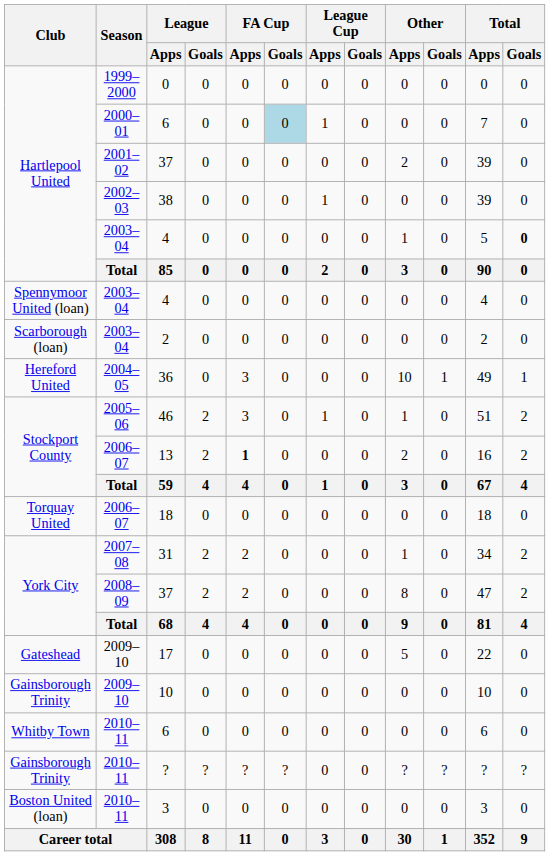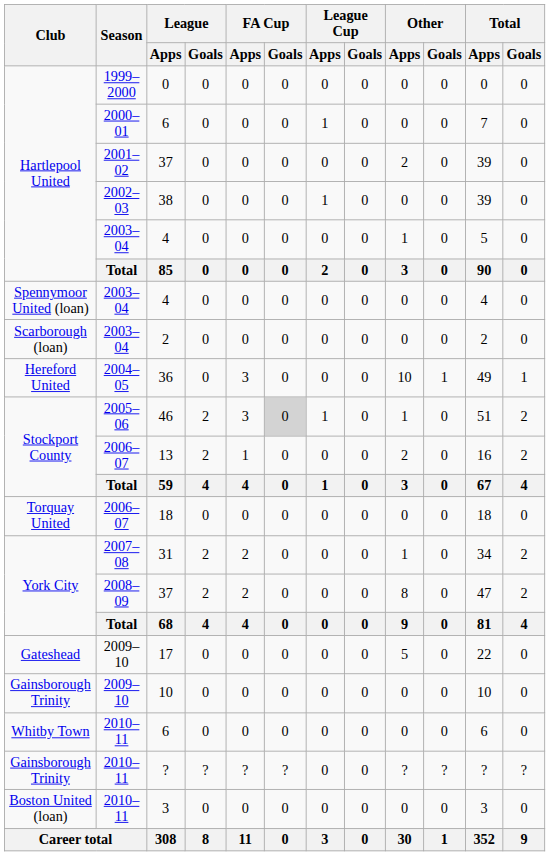 <table class="wikitable" style="text-align: center;">
 <tr>
 <th rowspan="2">Club</th>
 <th rowspan="2">Season</th>
 <th colspan="2">League</th>
 <th colspan="2">FA Cup</th>
 <th colspan="2">League Cup</th>
 <th colspan="2">Other</th>
 <th colspan="2">Total</th>
 </tr>
 <tr>
 <th>Apps</th>
 <th>Goals</th>
 <th>Apps</th>
 <th>Goals</th>
 <th>Apps</th>
 <th>Goals</th>
 <th>Apps</th>
 <th>Goals</th>
 <th>Apps</th>
 <th>Goals</th>
 </tr>
 <tr>
 <td rowspan="6" valign="center"><a href='#'>Hartlepool United</a></td>
 <td><a href='#'>1999–2000</a></td>
 <td>0</td>
 <td>0</td>
 <td>0</td>
 <td>0</td>
 <td>0</td>
 <td>0</td>
 <td>0</td>
 <td>0</td>
 <td>0</td>
 <td>0</td>
 </tr>
 <tr>
 <td><a href='#'>2000–01</a></td>
 <td>6</td>
 <td>0</td>
 <td>0</td>
-<td style="background: lightblue;">0</td>
+<td>0</td>
 <td>1</td>
 <td>0</td>
 <td>0</td>
 <td>0</td>
 <td>7</td>
 <td>0</td>
 </tr>
 <tr>
 <td><a href='#'>2001–02</a></td>
 <td>37</td>
 <td>0</td>
 <td>0</td>
 <td>0</td>
 <td>0</td>
 <td>0</td>
 <td>2</td>
 <td>0</td>
 <td>39</td>
 <td>0</td>
 </tr>
 <tr>
 <td><a href='#'>2002–03</a></td>
 <td>38</td>
 <td>0</td>
 <td>0</td>
 <td>0</td>
 <td>1</td>
 <td>0</td>
 <td>0</td>
 <td>0</td>
 <td>39</td>
 <td>0</td>
 </tr>
 <tr>
 <td><a href='#'>2003–04</a></td>
 <td>4</td>
 <td>0</td>
 <td>0</td>
 <td>0</td>
 <td>0</td>
 <td>0</td>
 <td>1</td>
 <td>0</td>
 <td>5</td>
-<td><strong>0</strong></td>
+<td>0</td>
 </tr>
 <tr>
 <th>Total</th>
 <th>85</th>
 <th>0</th>
 <th>0</th>
 <th>0</th>
 <th>2</th>
 <th>0</th>
 <th>3</th>
 <th>0</th>
 <th>90</th>
 <th>0</th>
 </tr>
 <tr>
 <td rowspan="1" valign="center"><a href='#'>Spennymoor United</a> (loan)</td>
 <td><a href='#'>2003–04</a></td>
 <td>4</td>
 <td>0</td>
 <td>0</td>
 <td>0</td>
 <td>0</td>
 <td>0</td>
 <td>0</td>
 <td>0</td>
 <td>4</td>
 <td>0</td>
 </tr>
 <tr>
 <td rowspan="1" valign="center"><a href='#'>Scarborough</a> (loan)</td>
 <td><a href='#'>2003–04</a></td>
 <td>2</td>
 <td>0</td>
 <td>0</td>
 <td>0</td>
 <td>0</td>
 <td>0</td>
 <td>0</td>
 <td>0</td>
 <td>2</td>
 <td>0</td>
 </tr>
 <tr>
 <td rowspan="1" valign="center"><a href='#'>Hereford United</a></td>
 <td><a href='#'>2004–05</a></td>
 <td>36</td>
 <td>0</td>
 <td>3</td>
 <td>0</td>
 <td>0</td>
 <td>0</td>
 <td>10</td>
 <td>1</td>
 <td>49</td>
 <td>1</td>
 </tr>
 <tr>
 <td rowspan="3" valign="center"><a href='#'>Stockport County</a></td>
 <td><a href='#'>2005–06</a></td>
 <td>46</td>
 <td>2</td>
 <td>3</td>
-<td>0</td>
+<td style="background: lightgrey;">0</td>
 <td>1</td>
 <td>0</td>
 <td>1</td>
 <td>0</td>
 <td>51</td>
 <td>2</td>
 </tr>
 <tr>
 <td><a href='#'>2006–07</a></td>
 <td>13</td>
 <td>2</td>
-<td><strong>1</strong></td>
+<td>1</td>
 <td>0</td>
 <td>0</td>
 <td>0</td>
 <td>2</td>
 <td>0</td>
 <td>16</td>
 <td>2</td>
 </tr>
 <tr>
 <th>Total</th>
 <th>59</th>
 <th>4</th>
 <th>4</th>
 <th>0</th>
 <th>1</th>
 <th>0</th>
 <th>3</th>
 <th>0</th>
 <th>67</th>
 <th>4</th>
 </tr>
 <tr>
 <td rowspan="1" valign="center"><a href='#'>Torquay United</a></td>
 <td><a href='#'>2006–07</a></td>
 <td>18</td>
 <td>0</td>
 <td>0</td>
 <td>0</td>
 <td>0</td>
 <td>0</td>
 <td>0</td>
 <td>0</td>
 <td>18</td>
 <td>0</td>
 </tr>
 <tr>
 <td rowspan="3" valign="center"><a href='#'>York City</a></td>
 <td><a href='#'>2007–08</a></td>
 <td>31</td>
 <td>2</td>
 <td>2</td>
 <td>0</td>
 <td>0</td>
 <td>0</td>
 <td>1</td>
 <td>0</td>
 <td>34</td>
 <td>2</td>
 </tr>
 <tr>
 <td><a href='#'>2008–09</a></td>
 <td>37</td>
 <td>2</td>
 <td>2</td>
 <td>0</td>
 <td>0</td>
 <td>0</td>
 <td>8</td>
 <td>0</td>
 <td>47</td>
 <td>2</td>
 </tr>
 <tr>
 <th>Total</th>
 <th>68</th>
 <th>4</th>
 <th>4</th>
 <th>0</th>
 <th>0</th>
 <th>0</th>
 <th>9</th>
 <th>0</th>
 <th>81</th>
 <th>4</th>
 </tr>
 <tr>
 <td rowspan="1" valign="center"><a href='#'>Gateshead</a></td>
 <td>2009–10</td>
 <td>17</td>
 <td>0</td>
 <td>0</td>
 <td>0</td>
 <td>0</td>
 <td>0</td>
 <td>5</td>
 <td>0</td>
 <td>22</td>
 <td>0</td>
 </tr>
 <tr>
 <td rowspan="1" valign="center"><a href='#'>Gainsborough Trinity</a></td>
 <td><a href='#'>2009–10</a></td>
 <td>10</td>
 <td>0</td>
 <td>0</td>
 <td>0</td>
 <td>0</td>
 <td>0</td>
 <td>0</td>
 <td>0</td>
 <td>10</td>
 <td>0</td>
 </tr>
 <tr>
 <td rowspan="1" valign="center"><a href='#'>Whitby Town</a></td>
 <td><a href='#'>2010–11</a></td>
 <td>6</td>
 <td>0</td>
 <td>0</td>
 <td>0</td>
 <td>0</td>
 <td>0</td>
 <td>0</td>
 <td>0</td>
 <td>6</td>
 <td>0</td>
 </tr>
 <tr>
 <td rowspan="1" valign="center"><a href='#'>Gainsborough Trinity</a></td>
 <td><a href='#'>2010–11</a></td>
 <td>?</td>
 <td>?</td>
 <td>?</td>
 <td>?</td>
 <td>0</td>
 <td>0</td>
 <td>?</td>
 <td>?</td>
 <td>?</td>
 <td>?</td>
 </tr>
 <tr>
 <td rowspan="1" valign="center"><a href='#'>Boston United</a> (loan)</td>
 <td><a href='#'>2010–11</a></td>
 <td>3</td>
 <td>0</td>
 <td>0</td>
 <td>0</td>
 <td>0</td>
 <td>0</td>
 <td>0</td>
 <td>0</td>
 <td>3</td>
 <td>0</td>
 </tr>
 <tr>
 <th colspan="2">Career total</th>
 <th>308</th>
 <th>8</th>
 <th>11</th>
 <th>0</th>
 <th>3</th>
 <th>0</th>
 <th>30</th>
 <th>1</th>
 <th>352</th>
 <th>9</th>
 </tr>
 </table>
